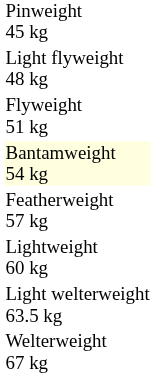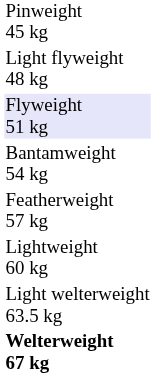 <table>
 <tr>
 <td>Pinweight<br> 45 kg</td>
 <td></td>
 <td></td>
 <td></td>
 </tr>
 <tr>
 <td>Light flyweight<br> 48 kg</td>
 <td></td>
 <td></td>
 <td></td>
 </tr>
 <tr>
-<td>Flyweight<br> 51 kg</td>
+<td style="background: lavender;">Flyweight<br> 51 kg</td>
 <td></td>
 <td></td>
 <td></td>
 </tr>
 <tr>
-<td style="background: lightyellow;">Bantamweight<br> 54 kg</td>
+<td>Bantamweight<br> 54 kg</td>
 <td></td>
 <td></td>
 <td></td>
 </tr>
 <tr>
 <td>Featherweight<br> 57 kg</td>
 <td></td>
 <td></td>
 <td></td>
 </tr>
 <tr>
 <td rowspan=2>Lightweight<br> 60 kg</td>
 <td rowspan=2></td>
 <td rowspan=2></td>
 <td></td>
 </tr>
 <tr>
 <td></td>
 </tr>
 <tr>
 <td>Light welterweight<br>63.5 kg</td>
 <td></td>
 <td></td>
 <td></td>
 </tr>
 <tr>
-<td>Welterweight<br> 67 kg</td>
+<td><strong>Welterweight<br> 67 kg</strong></td>
 <td></td>
 <td></td>
 <td></td>
 </tr>
 </table>
